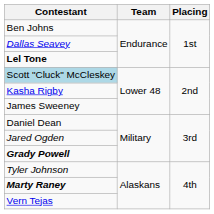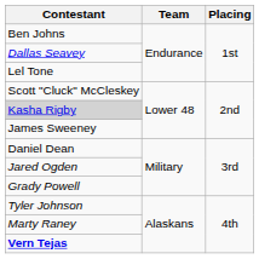 <table class="wikitable sortable">
 <tr>
 <th>Contestant</th>
 <th>Team</th>
 <th>Placing</th>
 </tr>
 <tr>
 <td>Ben Johns</td>
 <td rowspan="3">Endurance</td>
 <td align="center" rowspan="3">1st</td>
 </tr>
 <tr>
 <td><em><a href='#'>Dallas Seavey</a></em></td>
 </tr>
 <tr>
-<td><strong>Lel Tone</strong></td>
+<td>Lel Tone</td>
 </tr>
 <tr>
-<td style="background: lightblue;">Scott "Cluck" McCleskey</td>
+<td>Scott "Cluck" McCleskey</td>
 <td rowspan="3">Lower 48</td>
 <td align="center" rowspan="3">2nd</td>
 </tr>
 <tr>
-<td><a href='#'>Kasha Rigby</a></td>
+<td style="background: lightgrey;"><a href='#'>Kasha Rigby</a></td>
 </tr>
 <tr>
 <td>James Sweeney</td>
 </tr>
 <tr>
 <td>Daniel Dean</td>
 <td rowspan="3">Military</td>
 <td align="center" rowspan="3">3rd</td>
 </tr>
 <tr>
 <td><em>Jared Ogden</em></td>
 </tr>
 <tr>
-<td><strong><em>Grady Powell</em></strong></td>
+<td><em>Grady Powell</em></td>
 </tr>
 <tr>
 <td><em>Tyler Johnson</em></td>
 <td rowspan="3">Alaskans</td>
 <td align="center" rowspan="3">4th</td>
 </tr>
 <tr>
-<td><strong><em>Marty Raney</em></strong></td>
+<td><em>Marty Raney</em></td>
 </tr>
 <tr>
-<td><a href='#'>Vern Tejas</a></td>
+<td><strong><a href='#'>Vern Tejas</a></strong></td>
 </tr>
 </table>
